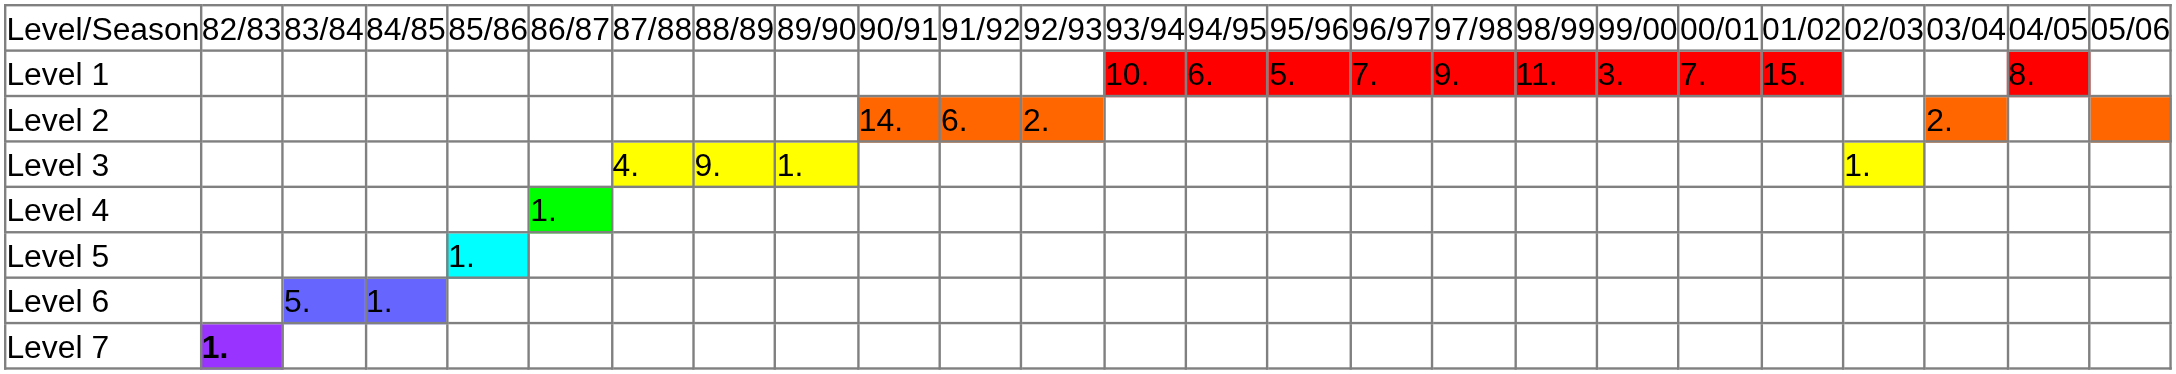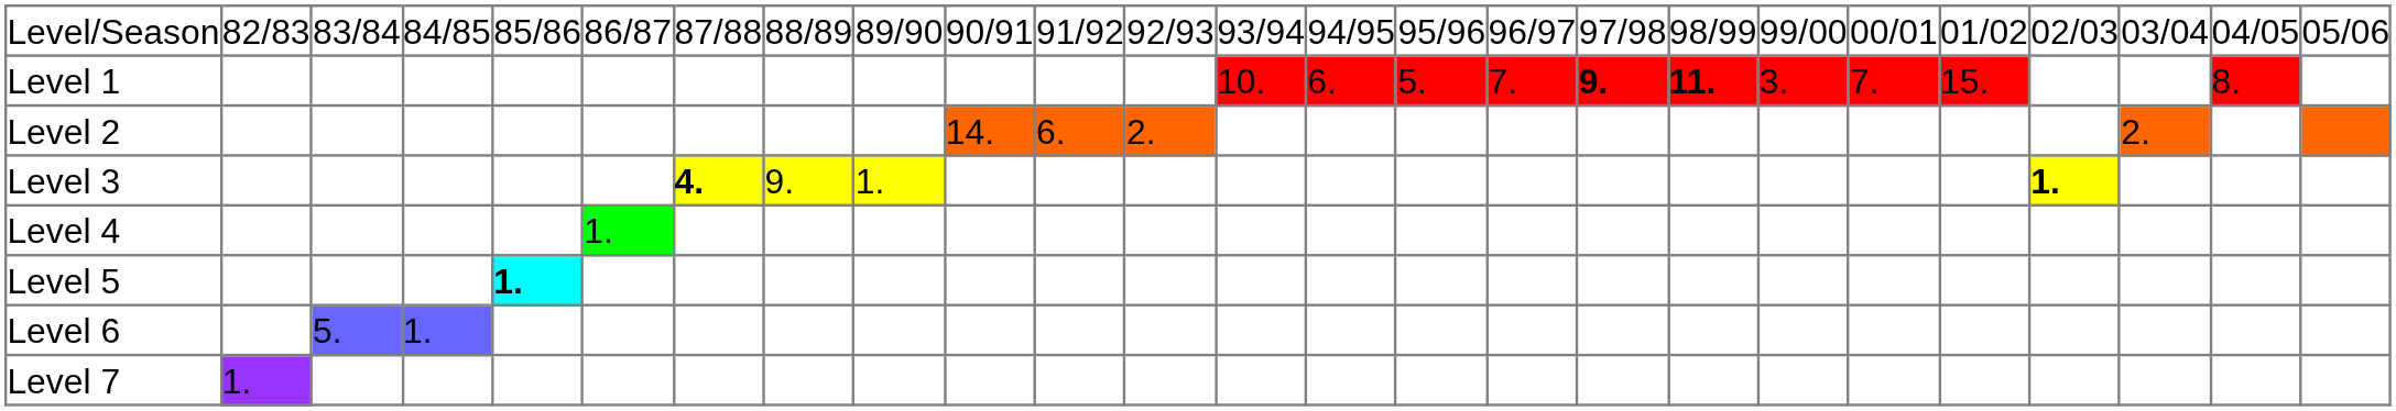 <table border="1" style="border-collapse: collapse" cellpadding="0" cellspacing="0">
 <tr ---->
 <td><small>Level/Season</small></td>
 <td><small>82/83 </small></td>
 <td><small>83/84 </small></td>
 <td><small>84/85</small></td>
 <td><small>85/86 </small></td>
 <td><small>86/87 </small></td>
 <td><small>87/88</small></td>
 <td><small>88/89 </small></td>
 <td><small>89/90 </small></td>
 <td><small>90/91</small></td>
 <td><small>91/92 </small></td>
 <td><small>92/93 </small></td>
 <td><small>93/94</small></td>
 <td><small>94/95 </small></td>
 <td><small>95/96 </small></td>
 <td><small>96/97</small></td>
 <td><small>97/98 </small></td>
 <td><small>98/99 </small></td>
 <td><small>99/00</small></td>
 <td><small>00/01 </small></td>
 <td><small>01/02 </small></td>
 <td><small>02/03</small></td>
 <td><small>03/04 </small></td>
 <td><small>04/05 </small></td>
 <td><small>05/06</small></td>
 </tr>
 <tr ---->
 <td><small>Level 1</small></td>
 <td> </td>
 <td> </td>
 <td> </td>
 <td> </td>
 <td> </td>
 <td> </td>
 <td> </td>
 <td> </td>
 <td> </td>
 <td> </td>
 <td> </td>
 <td bgcolor="#FF0000"><small>10.</small></td>
 <td bgcolor="#FF0000"><small>6. </small></td>
 <td bgcolor="#FF0000"><small>5. </small></td>
 <td bgcolor="#FF0000"><small>7.</small></td>
-<td bgcolor="#FF0000"><small>9. </small></td>
-<td bgcolor="#FF0000"><small>11. </small></td>
+<td bgcolor="#FF0000"><strong><small>9. </small></strong></td>
+<td bgcolor="#FF0000"><strong><small>11. </small></strong></td>
 <td bgcolor="#FF0000"><small>3.</small></td>
 <td bgcolor="#FF0000"><small>7. </small></td>
 <td bgcolor="#FF0000"><small>15. </small></td>
 <td> </td>
 <td> </td>
 <td bgcolor="#FF0000"><small>8. </small></td>
 <td> </td>
 </tr>
 <tr ---->
 <td><small>Level 2</small></td>
 <td> </td>
 <td> </td>
 <td> </td>
 <td> </td>
 <td> </td>
 <td> </td>
 <td> </td>
 <td> </td>
 <td bgcolor="#FF6600"><small>14.</small></td>
 <td bgcolor="#FF6600"><small>6. </small></td>
 <td bgcolor="#FF6600"><small>2. </small></td>
 <td> </td>
 <td> </td>
 <td> </td>
 <td> </td>
 <td> </td>
 <td> </td>
 <td> </td>
 <td> </td>
 <td> </td>
 <td> </td>
 <td bgcolor="#FF6600"><small>2. </small></td>
 <td> </td>
 <td bgcolor="#FF6600"> </td>
 </tr>
 <tr ---->
 <td><small>Level 3</small></td>
 <td> </td>
 <td> </td>
 <td> </td>
 <td> </td>
 <td> </td>
-<td bgcolor="#FFFF00"><small>4.</small></td>
+<td bgcolor="#FFFF00"><strong><small>4.</small></strong></td>
 <td bgcolor="#FFFF00"><small>9. </small></td>
 <td bgcolor="#FFFF00"><small>1. </small></td>
 <td> </td>
 <td> </td>
 <td> </td>
 <td> </td>
 <td> </td>
 <td> </td>
 <td> </td>
 <td> </td>
 <td> </td>
 <td> </td>
 <td> </td>
 <td> </td>
-<td bgcolor="#FFFF00"><small>1.</small></td>
+<td bgcolor="#FFFF00"><strong><small>1.</small></strong></td>
 <td> </td>
 <td> </td>
 <td> </td>
 </tr>
 <tr ---->
 <td><small>Level 4</small></td>
 <td> </td>
 <td> </td>
 <td> </td>
 <td> </td>
 <td bgcolor="#00FF00"><small>1. </small></td>
 <td> </td>
 <td> </td>
 <td> </td>
 <td> </td>
 <td> </td>
 <td> </td>
 <td> </td>
 <td> </td>
 <td> </td>
 <td> </td>
 <td> </td>
 <td> </td>
 <td> </td>
 <td> </td>
 <td> </td>
 <td> </td>
 <td> </td>
 <td> </td>
 <td> </td>
 </tr>
 <tr ---->
 <td><small>Level 5</small></td>
 <td> </td>
 <td> </td>
 <td> </td>
-<td bgcolor="#00FFFF"><small>1. </small></td>
+<td bgcolor="#00FFFF"><strong><small>1. </small></strong></td>
 <td> </td>
 <td> </td>
 <td> </td>
 <td> </td>
 <td> </td>
 <td> </td>
 <td> </td>
 <td> </td>
 <td> </td>
 <td> </td>
 <td> </td>
 <td> </td>
 <td> </td>
 <td> </td>
 <td> </td>
 <td> </td>
 <td> </td>
 <td> </td>
 <td> </td>
 <td> </td>
 </tr>
 <tr ---->
 <td><small>Level 6</small></td>
 <td> </td>
 <td bgcolor="#6666FF"><small>5. </small></td>
 <td bgcolor="#6666FF"><small>1.</small></td>
 <td> </td>
 <td> </td>
 <td> </td>
 <td> </td>
 <td> </td>
 <td> </td>
 <td> </td>
 <td> </td>
 <td> </td>
 <td> </td>
 <td> </td>
 <td> </td>
 <td> </td>
 <td> </td>
 <td> </td>
 <td> </td>
 <td> </td>
 <td> </td>
 <td> </td>
 <td> </td>
 <td> </td>
 </tr>
 <tr ---->
 <td><small>Level 7</small></td>
-<td bgcolor="#9933FF"><strong><small>1. </small></strong></td>
+<td bgcolor="#9933FF"><small>1. </small></td>
 <td> </td>
 <td> </td>
 <td> </td>
 <td> </td>
 <td> </td>
 <td> </td>
 <td> </td>
 <td> </td>
 <td> </td>
 <td> </td>
 <td> </td>
 <td> </td>
 <td> </td>
 <td> </td>
 <td> </td>
 <td> </td>
 <td> </td>
 <td> </td>
 <td> </td>
 <td> </td>
 <td> </td>
 <td> </td>
 <td> </td>
 </tr>
 </table>
